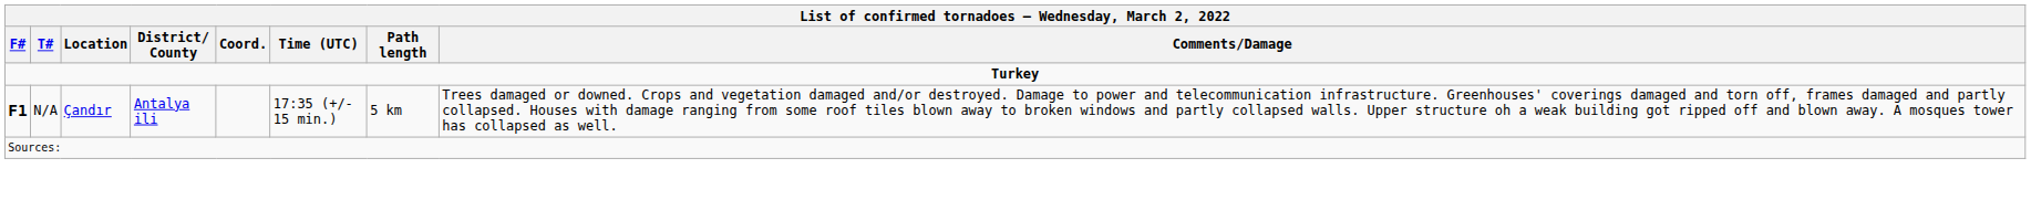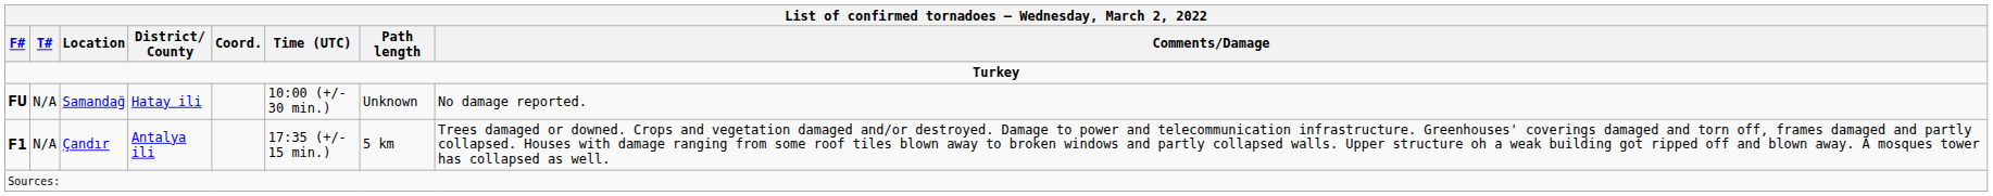 <table class="wikitable collapsible" width="100%">
 <tr>
 <th colspan="8">List of confirmed tornadoes – Wednesday, March 2, 2022</th>
 </tr>
 <tr>
 <th><a href='#'>F#</a></th>
 <th><a href='#'>T#</a></th>
 <th>Location</th>
 <th>District/<br>County</th>
 <th>Coord.</th>
 <th>Time (UTC)</th>
 <th>Path length</th>
 <th>Comments/Damage</th>
 </tr>
 <tr>
 <td colspan="8" align=center><strong>Turkey</strong></td>
 </tr>
 <tr>
+<td><big><strong>FU</strong></big></td>
+<td>N/A</td>
+<td><a href='#'>Samandağ</a></td>
+<td><a href='#'>Hatay ili</a></td>
+<td></td>
+<td>10:00 (+/- 30 min.)</td>
+<td>Unknown</td>
+<td>No damage reported.</td>
+</tr>
+<tr>
 <td><big><strong>F1</strong></big></td>
 <td>N/A</td>
 <td><a href='#'>Çandır</a></td>
 <td><a href='#'>Antalya ili</a></td>
 <td></td>
 <td>17:35 (+/- 15 min.)</td>
 <td>5 km</td>
 <td>Trees damaged or downed. Crops and vegetation damaged and/or destroyed. Damage to power and telecommunication infrastructure. Greenhouses' coverings damaged and torn off, frames damaged and partly collapsed. Houses with damage ranging from some roof tiles blown away to broken windows and partly collapsed walls. Upper structure oh a weak building got ripped off and blown away. A mosques tower has collapsed as well.</td>
 </tr>
 <tr>
 <td colspan="8"><small>Sources:  </small></td>
 </tr>
 </table>
